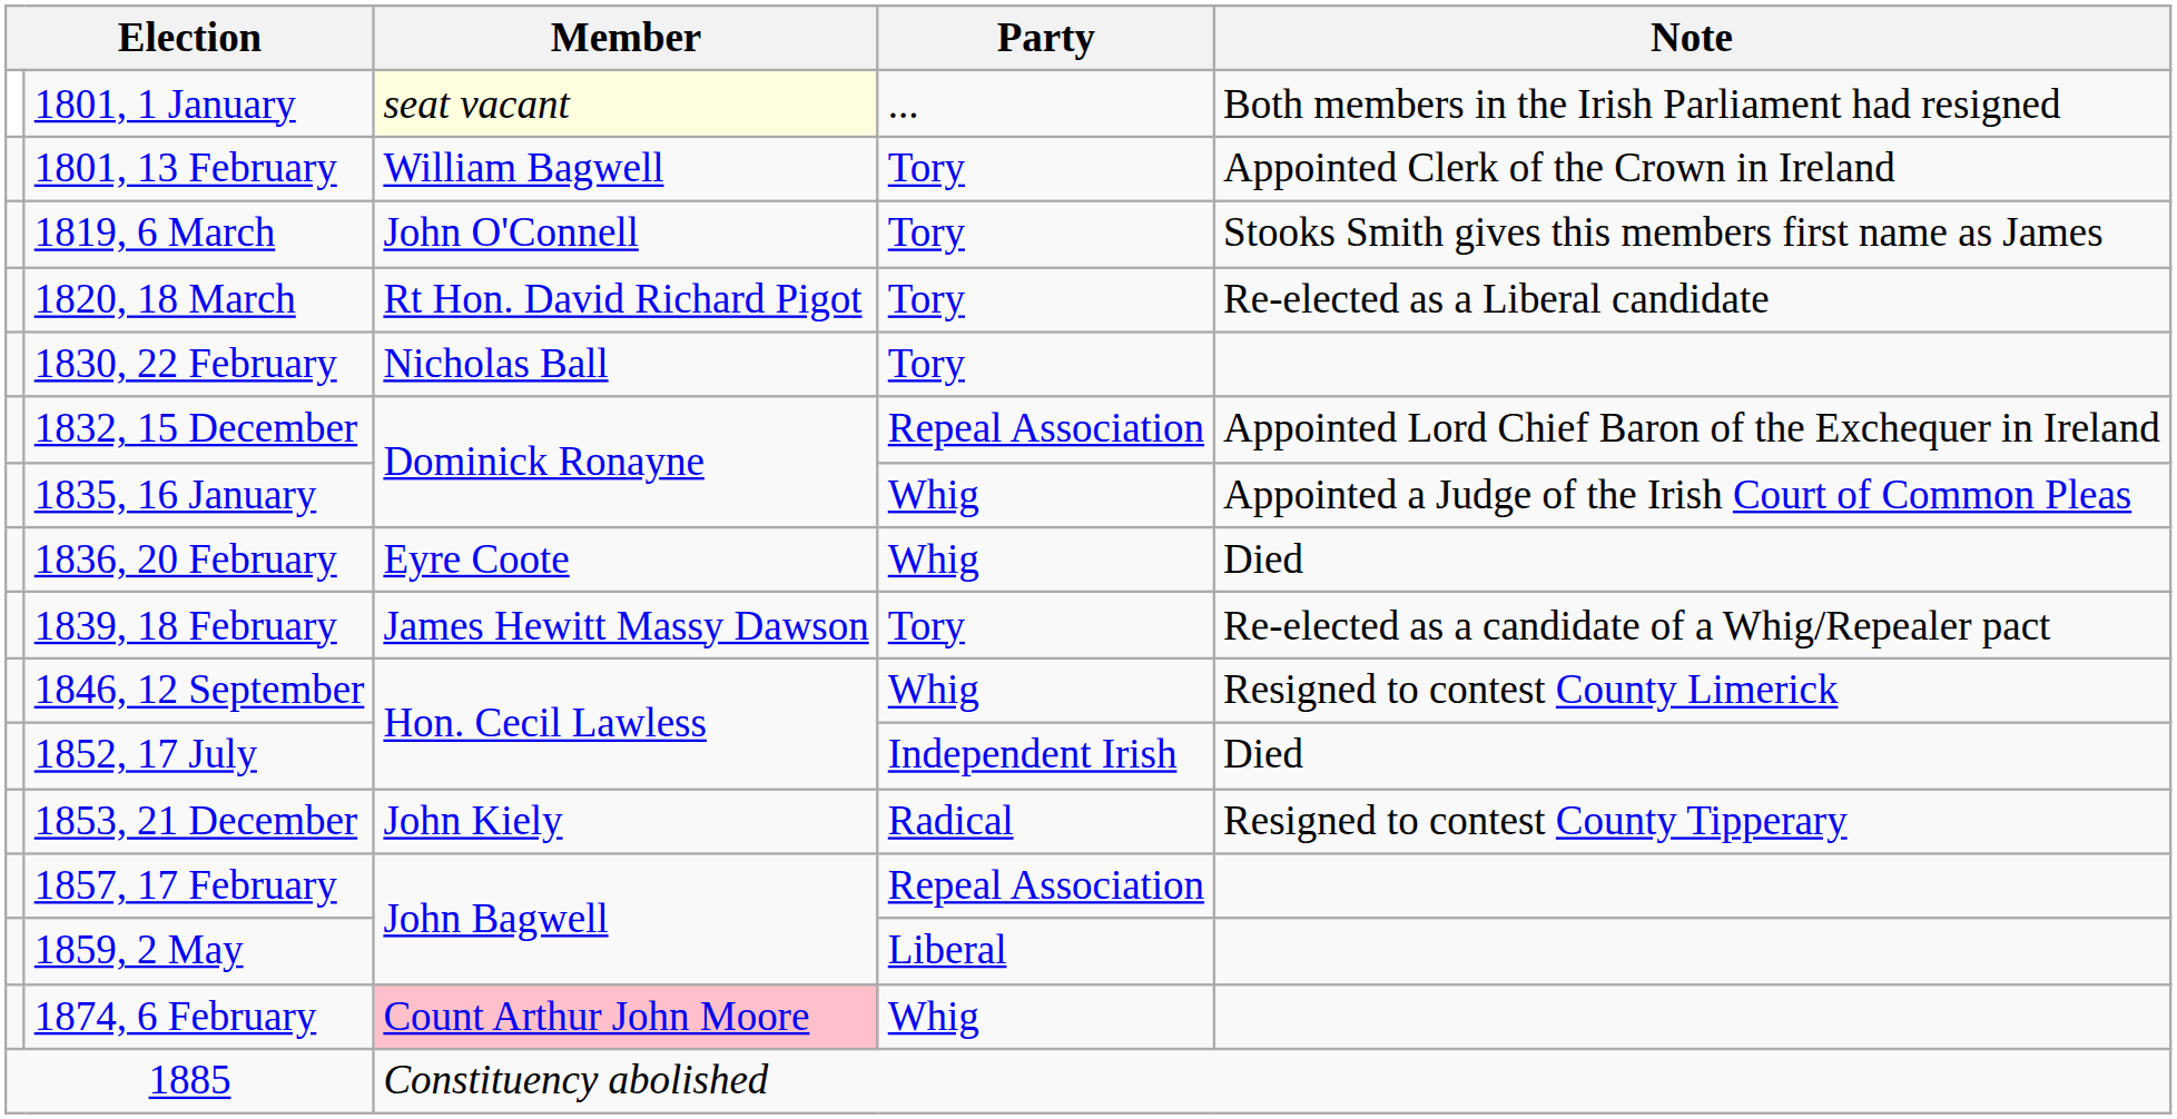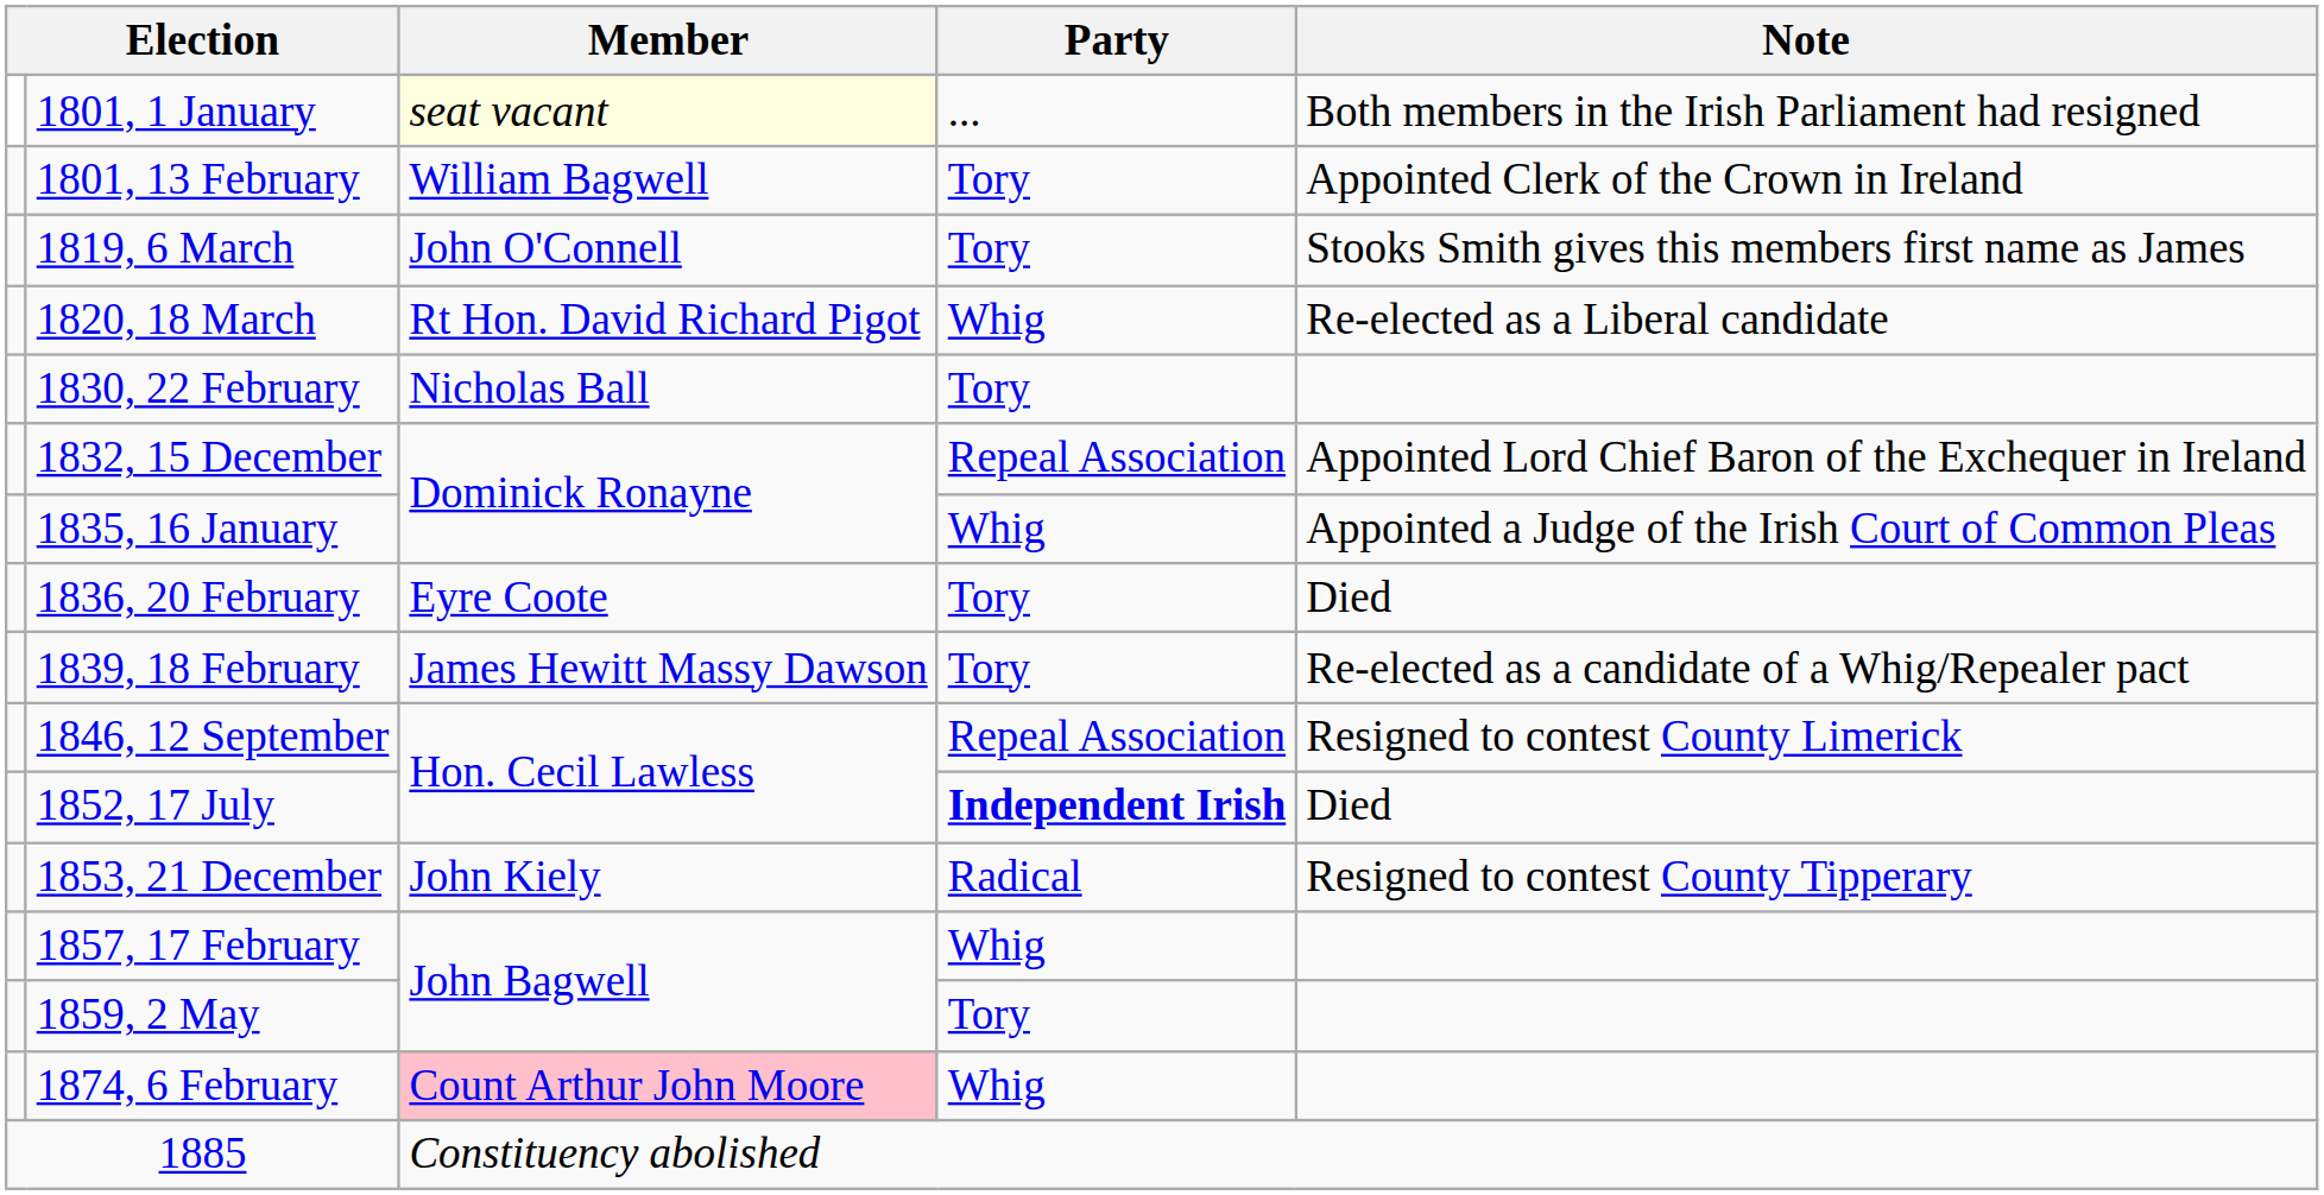 <table class="wikitable">
 <tr>
 <th colspan="2">Election</th>
 <th>Member</th>
 <th>Party</th>
 <th>Note</th>
 </tr>
 <tr>
 <td style="color:inherit;background-color: white"></td>
 <td><a href='#'>1801, 1 January</a></td>
 <td style="background: lightyellow;"><em>seat vacant</em></td>
 <td>...</td>
 <td>Both members in the Irish Parliament had resigned</td>
 </tr>
 <tr>
 <td style="color:inherit;background-color: "></td>
 <td><a href='#'>1801, 13 February</a></td>
 <td><a href='#'>William Bagwell</a></td>
 <td><a href='#'>Tory</a></td>
 <td>Appointed Clerk of the Crown in Ireland</td>
 </tr>
 <tr>
 <td style="color:inherit;background-color: "></td>
 <td><a href='#'>1819, 6 March</a></td>
 <td><a href='#'>John O'Connell</a></td>
 <td><a href='#'>Tory</a></td>
 <td>Stooks Smith gives this members first name as James</td>
 </tr>
 <tr>
 <td style="color:inherit;background-color: "></td>
 <td><a href='#'>1820, 18 March</a></td>
 <td><a href='#'>Rt Hon. David Richard Pigot</a></td>
-<td><a href='#'>Tory</a></td>
+<td><a href='#'>Whig</a></td>
 <td>Re-elected as a Liberal candidate</td>
 </tr>
 <tr>
 <td style="color:inherit;background-color: "></td>
 <td><a href='#'>1830, 22 February</a></td>
 <td><a href='#'>Nicholas Ball</a></td>
 <td><a href='#'>Tory</a></td>
 <td></td>
 </tr>
 <tr>
 <td style="color:inherit;background-color: "></td>
 <td><a href='#'>1832, 15 December</a></td>
 <td rowspan="2"><a href='#'>Dominick Ronayne</a></td>
 <td><a href='#'>Repeal Association</a></td>
 <td>Appointed Lord Chief Baron of the Exchequer in Ireland</td>
 </tr>
 <tr>
 <td style="color:inherit;background-color: "></td>
 <td><a href='#'>1835, 16 January</a></td>
 <td><a href='#'>Whig</a></td>
 <td>Appointed a Judge of the Irish <a href='#'>Court of Common Pleas</a></td>
 </tr>
 <tr>
 <td style="color:inherit;background-color: "></td>
 <td><a href='#'>1836, 20 February</a></td>
 <td><a href='#'>Eyre Coote</a></td>
-<td><a href='#'>Whig</a></td>
+<td><a href='#'>Tory</a></td>
 <td>Died</td>
 </tr>
 <tr>
 <td style="color:inherit;background-color: "></td>
 <td><a href='#'>1839, 18 February</a></td>
 <td><a href='#'>James Hewitt Massy Dawson</a></td>
 <td><a href='#'>Tory</a></td>
 <td>Re-elected as a candidate of a Whig/Repealer pact</td>
 </tr>
 <tr>
 <td style="color:inherit;background-color: "></td>
 <td><a href='#'>1846, 12 September</a></td>
 <td rowspan="2"><a href='#'>Hon. Cecil Lawless</a></td>
-<td><a href='#'>Whig</a></td>
+<td><a href='#'>Repeal Association</a></td>
 <td>Resigned to contest <a href='#'>County Limerick</a></td>
 </tr>
 <tr>
 <td style="color:inherit;background-color: "></td>
 <td><a href='#'>1852, 17 July</a></td>
-<td><a href='#'>Independent Irish</a></td>
+<td><strong><a href='#'>Independent Irish</a></strong></td>
 <td>Died</td>
 </tr>
 <tr>
 <td style="color:inherit;background-color: "></td>
 <td><a href='#'>1853, 21 December</a></td>
 <td><a href='#'>John Kiely</a></td>
 <td><a href='#'>Radical</a></td>
 <td>Resigned to contest <a href='#'>County Tipperary</a></td>
 </tr>
 <tr>
 <td style="color:inherit;background-color: "></td>
 <td><a href='#'>1857, 17 February</a></td>
 <td rowspan="2"><a href='#'>John Bagwell</a></td>
-<td><a href='#'>Repeal Association</a></td>
+<td><a href='#'>Whig</a></td>
 <td></td>
 </tr>
 <tr>
 <td style="color:inherit;background-color: "></td>
 <td><a href='#'>1859, 2 May</a></td>
-<td><a href='#'>Liberal</a></td>
+<td><a href='#'>Tory</a></td>
 <td></td>
 </tr>
 <tr>
 <td style="color:inherit;background-color: "></td>
 <td><a href='#'>1874, 6 February</a></td>
 <td style="background: pink;"><a href='#'>Count Arthur John Moore</a></td>
 <td><a href='#'>Whig</a></td>
 <td></td>
 </tr>
 <tr>
 <td colspan="2" align="center"><a href='#'>1885</a></td>
 <td colspan="3"><em>Constituency abolished</em></td>
 </tr>
 </table>
